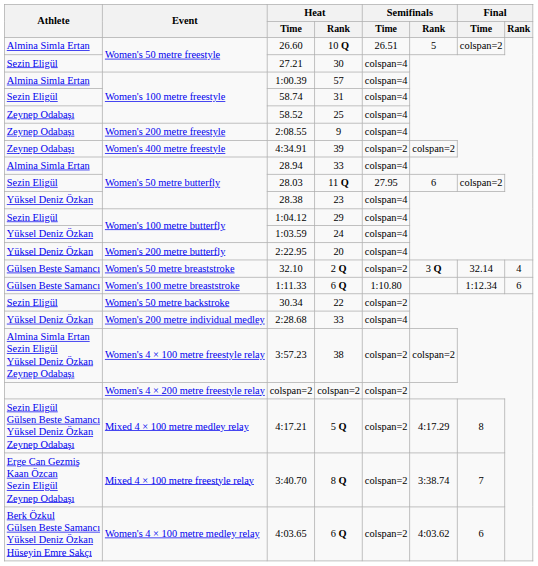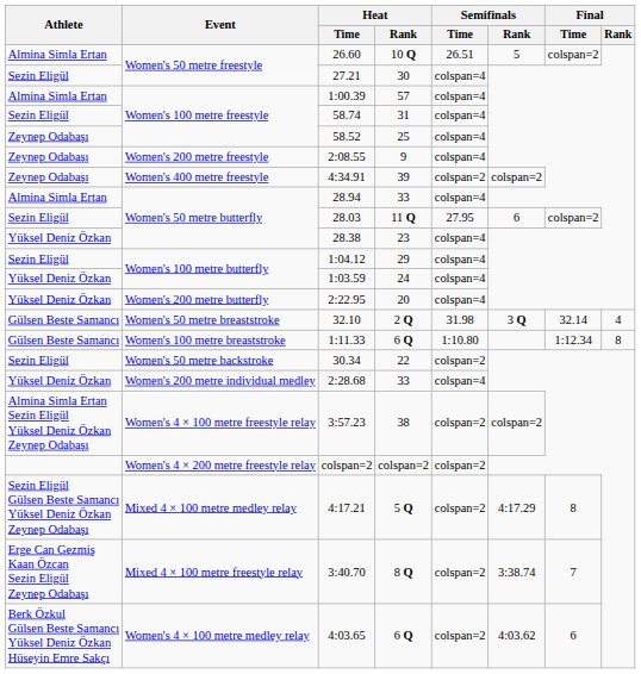 <table class=wikitable style="font-size:90%">
 <tr>
 <th rowspan="2">Athlete</th>
 <th rowspan="2">Event</th>
 <th colspan="2">Heat</th>
 <th colspan="2">Semifinals</th>
 <th colspan="2">Final</th>
 </tr>
 <tr style="font-size:95%">
 <th>Time</th>
 <th>Rank</th>
 <th>Time</th>
 <th>Rank</th>
 <th>Time</th>
 <th>Rank</th>
 </tr>
 <tr align=center>
 <td align=left><a href='#'>Almina Simla Ertan</a></td>
 <td align=left rowspan=2><a href='#'>Women's 50 metre freestyle</a></td>
 <td>26.60</td>
 <td>10 <strong>Q</strong></td>
 <td>26.51</td>
 <td>5</td>
 <td>colspan=2 </td>
 </tr>
 <tr align=center>
 <td align=left><a href='#'>Sezin Eligül</a></td>
 <td>27.21</td>
 <td>30</td>
 <td>colspan=4 </td>
 </tr>
 <tr align=center>
 <td align=left><a href='#'>Almina Simla Ertan</a></td>
 <td align=left rowspan=3><a href='#'>Women's 100 metre freestyle</a></td>
 <td>1:00.39</td>
 <td>57</td>
 <td>colspan=4 </td>
 </tr>
 <tr align=center>
 <td align=left><a href='#'>Sezin Eligül</a></td>
 <td>58.74</td>
 <td>31</td>
 <td>colspan=4 </td>
 </tr>
 <tr align=center>
 <td align=left><a href='#'>Zeynep Odabaşı</a></td>
 <td>58.52</td>
 <td>25</td>
 <td>colspan=4 </td>
 </tr>
 <tr align=center>
 <td align=left><a href='#'>Zeynep Odabaşı</a></td>
 <td align=left><a href='#'>Women's 200 metre freestyle</a></td>
 <td>2:08.55</td>
 <td>9</td>
 <td>colspan=4 </td>
 </tr>
 <tr align=center>
 <td align=left><a href='#'>Zeynep Odabaşı</a></td>
 <td align=left><a href='#'>Women's 400 metre freestyle</a></td>
 <td>4:34.91</td>
 <td>39</td>
 <td>colspan=2 </td>
 <td>colspan=2 </td>
 </tr>
 <tr align=center>
 <td align=left><a href='#'>Almina Simla Ertan</a></td>
 <td align=left rowspan=3><a href='#'>Women's 50 metre butterfly</a></td>
 <td>28.94</td>
 <td>33</td>
 <td>colspan=4 </td>
 </tr>
 <tr align=center>
 <td align=left><a href='#'>Sezin Eligül</a></td>
 <td>28.03</td>
 <td>11 <strong>Q</strong></td>
 <td>27.95</td>
 <td>6</td>
 <td>colspan=2 </td>
 </tr>
 <tr align=center>
 <td align=left><a href='#'>Yüksel Deniz Özkan</a></td>
 <td>28.38</td>
 <td>23</td>
 <td>colspan=4 </td>
 </tr>
 <tr align=center>
 <td align=left><a href='#'>Sezin Eligül</a></td>
 <td align=left rowspan=2><a href='#'>Women's 100 metre butterfly</a></td>
 <td>1:04.12</td>
 <td>29</td>
 <td>colspan=4 </td>
 </tr>
 <tr align=center>
 <td align=left><a href='#'>Yüksel Deniz Özkan</a></td>
 <td>1:03.59</td>
 <td>24</td>
 <td>colspan=4 </td>
 </tr>
 <tr align=center>
 <td align=left><a href='#'>Yüksel Deniz Özkan</a></td>
 <td align=left><a href='#'>Women's 200 metre butterfly</a></td>
 <td>2:22.95</td>
 <td>20</td>
 <td>colspan=4 </td>
 </tr>
 <tr align=center>
 <td align=left><a href='#'>Gülsen Beste Samancı</a></td>
 <td align=left><a href='#'>Women's 50 metre breaststroke</a></td>
 <td>32.10</td>
 <td>2 <strong>Q</strong></td>
-<td>colspan=2 </td>
+<td>31.98</td>
 <td>3 <strong>Q</strong></td>
 <td>32.14</td>
 <td>4</td>
 </tr>
 <tr align=center>
 <td align=left><a href='#'>Gülsen Beste Samancı</a></td>
 <td align=left><a href='#'>Women's 100 metre breaststroke</a></td>
 <td>1:11.33</td>
 <td>6 <strong>Q</strong></td>
 <td>1:10.80</td>
 <td></td>
 <td>1:12.34</td>
-<td>6</td>
+<td>8</td>
 </tr>
 <tr align=center>
 <td align=left><a href='#'>Sezin Eligül</a></td>
 <td align=left><a href='#'>Women's 50 metre backstroke</a></td>
 <td>30.34</td>
 <td>22</td>
 <td>colspan=2 </td>
 </tr>
 <tr align=center>
 <td align=left><a href='#'>Yüksel Deniz Özkan</a></td>
 <td align=left><a href='#'>Women's 200 metre individual medley</a></td>
 <td>2:28.68</td>
 <td>33</td>
 <td>colspan=4 </td>
 </tr>
 <tr align=center>
 <td align=left><a href='#'>Almina Simla Ertan</a><br><a href='#'>Sezin Eligül</a><br><a href='#'>Yüksel Deniz Özkan</a><br><a href='#'>Zeynep Odabaşı</a></td>
 <td align=left><a href='#'>Women's 4 × 100 metre freestyle relay</a></td>
 <td>3:57.23</td>
 <td>38</td>
 <td>colspan=2 </td>
 <td>colspan=2 </td>
 </tr>
 <tr align=center>
 <td align=left></td>
 <td align=left><a href='#'>Women's 4 × 200 metre freestyle relay</a></td>
 <td>colspan=2 </td>
 <td>colspan=2 </td>
 <td>colspan=2 </td>
 </tr>
 <tr align=center>
 <td align=left><a href='#'>Sezin Eligül</a><br><a href='#'>Gülsen Beste Samancı</a><br><a href='#'>Yüksel Deniz Özkan</a><br><a href='#'>Zeynep Odabaşı</a></td>
 <td align=left><a href='#'>Mixed 4 × 100 metre medley relay</a></td>
 <td>4:17.21</td>
 <td>5 <strong>Q</strong></td>
 <td>colspan=2 </td>
 <td>4:17.29</td>
 <td>8</td>
 </tr>
 <tr align=center>
 <td align=left><a href='#'>Erge Can Gezmiş</a><br><a href='#'>Kaan Özcan</a><br><a href='#'>Sezin Eligül</a><br><a href='#'>Zeynep Odabaşı</a></td>
 <td align=left><a href='#'>Mixed 4 × 100 metre freestyle relay</a></td>
 <td>3:40.70</td>
 <td>8 <strong>Q</strong></td>
 <td>colspan=2 </td>
 <td>3:38.74</td>
 <td>7</td>
 </tr>
 <tr align=center>
 <td align=left><a href='#'>Berk Özkul</a><br><a href='#'>Gülsen Beste Samancı</a><br><a href='#'>Yüksel Deniz Özkan</a><br><a href='#'>Hüseyin Emre Sakçı</a></td>
 <td align=left><a href='#'>Women's 4 × 100 metre medley relay</a></td>
 <td>4:03.65</td>
 <td>6 <strong>Q</strong></td>
 <td>colspan=2 </td>
 <td>4:03.62</td>
 <td>6</td>
 </tr>
 </table>
